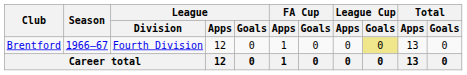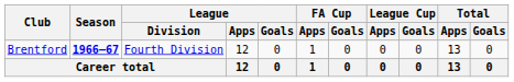 <table class="wikitable" style="text-align: center;">
 <tr>
 <th rowspan="2">Club</th>
 <th rowspan="2">Season</th>
 <th colspan="3">League</th>
 <th colspan="2">FA Cup</th>
 <th colspan="2">League Cup</th>
 <th colspan="2">Total</th>
 </tr>
 <tr>
 <th>Division</th>
 <th>Apps</th>
 <th>Goals</th>
 <th>Apps</th>
 <th>Goals</th>
 <th>Apps</th>
 <th>Goals</th>
 <th>Apps</th>
 <th>Goals</th>
 </tr>
 <tr>
 <td><a href='#'>Brentford</a></td>
-<td><a href='#'>1966–67</a></td>
+<td><strong><a href='#'>1966–67</a></strong></td>
 <td><a href='#'>Fourth Division</a></td>
 <td>12</td>
 <td>0</td>
 <td>1</td>
 <td>0</td>
 <td>0</td>
-<td style="background: khaki;">0</td>
+<td>0</td>
 <td>13</td>
 <td>0</td>
 </tr>
 <tr>
 <th colspan="3">Career total</th>
 <th>12</th>
 <th>0</th>
 <th>1</th>
 <th>0</th>
 <th>0</th>
 <th>0</th>
 <th>13</th>
 <th>0</th>
 </tr>
 </table>
